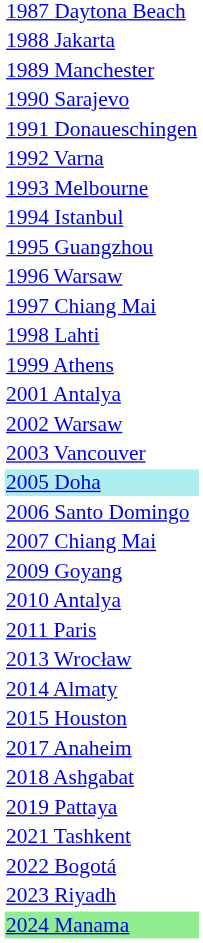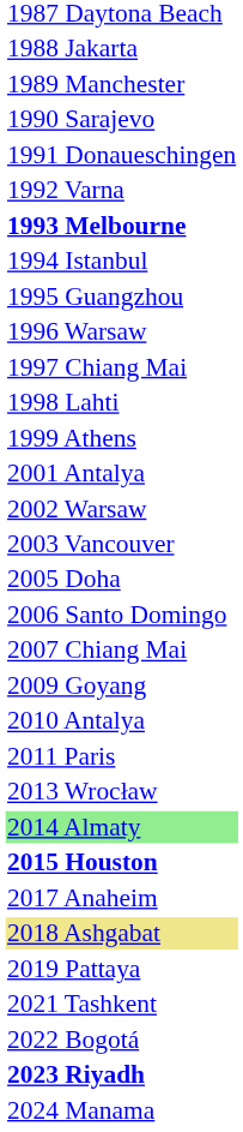 <table>
 <tr>
 <td><a href='#'>1987 Daytona Beach</a></td>
 <td></td>
 <td></td>
 <td></td>
 </tr>
 <tr>
 <td><a href='#'>1988 Jakarta</a></td>
 <td></td>
 <td></td>
 <td></td>
 </tr>
 <tr>
 <td><a href='#'>1989 Manchester</a></td>
 <td></td>
 <td></td>
 <td></td>
 </tr>
 <tr>
 <td><a href='#'>1990 Sarajevo</a></td>
 <td></td>
 <td></td>
 <td></td>
 </tr>
 <tr>
 <td><a href='#'>1991 Donaueschingen</a></td>
 <td></td>
 <td></td>
 <td></td>
 </tr>
 <tr>
 <td><a href='#'>1992 Varna</a></td>
 <td></td>
 <td></td>
 <td></td>
 </tr>
 <tr>
-<td><a href='#'>1993 Melbourne</a></td>
+<td><strong><a href='#'>1993 Melbourne</a></strong></td>
 <td></td>
 <td></td>
 <td></td>
 </tr>
 <tr>
 <td><a href='#'>1994 Istanbul</a></td>
 <td></td>
 <td></td>
 <td></td>
 </tr>
 <tr>
 <td><a href='#'>1995 Guangzhou</a></td>
 <td></td>
 <td></td>
 <td></td>
 </tr>
 <tr>
 <td><a href='#'>1996 Warsaw</a></td>
 <td></td>
 <td></td>
 <td></td>
 </tr>
 <tr>
 <td><a href='#'>1997 Chiang Mai</a></td>
 <td></td>
 <td></td>
 <td></td>
 </tr>
 <tr>
 <td><a href='#'>1998 Lahti</a></td>
 <td></td>
 <td></td>
 <td></td>
 </tr>
 <tr>
 <td><a href='#'>1999 Athens</a></td>
 <td></td>
 <td></td>
 <td></td>
 </tr>
 <tr>
 <td><a href='#'>2001 Antalya</a></td>
 <td></td>
 <td></td>
 <td></td>
 </tr>
 <tr>
 <td><a href='#'>2002 Warsaw</a></td>
 <td></td>
 <td></td>
 <td></td>
 </tr>
 <tr>
 <td><a href='#'>2003 Vancouver</a></td>
 <td></td>
 <td></td>
 <td></td>
 </tr>
 <tr>
-<td style="background: paleturquoise;"><a href='#'>2005 Doha</a></td>
+<td><a href='#'>2005 Doha</a></td>
 <td></td>
 <td></td>
 <td></td>
 </tr>
 <tr>
 <td><a href='#'>2006 Santo Domingo</a></td>
 <td></td>
 <td></td>
 <td></td>
 </tr>
 <tr>
 <td><a href='#'>2007 Chiang Mai</a></td>
 <td></td>
 <td></td>
 <td></td>
 </tr>
 <tr>
 <td><a href='#'>2009 Goyang</a></td>
 <td></td>
 <td></td>
 <td></td>
 </tr>
 <tr>
 <td><a href='#'>2010 Antalya</a></td>
 <td></td>
 <td></td>
 <td></td>
 </tr>
 <tr>
 <td><a href='#'>2011 Paris</a></td>
 <td></td>
 <td></td>
 <td></td>
 </tr>
 <tr>
 <td><a href='#'>2013 Wrocław</a></td>
 <td></td>
 <td></td>
 <td></td>
 </tr>
 <tr>
-<td><a href='#'>2014 Almaty</a></td>
+<td style="background: lightgreen;"><a href='#'>2014 Almaty</a></td>
 <td></td>
 <td></td>
 <td></td>
 </tr>
 <tr>
-<td><a href='#'>2015 Houston</a></td>
+<td><strong><a href='#'>2015 Houston</a></strong></td>
 <td></td>
 <td></td>
 <td></td>
 </tr>
 <tr>
 <td><a href='#'>2017 Anaheim</a></td>
 <td></td>
 <td></td>
 <td></td>
 </tr>
 <tr>
-<td><a href='#'>2018 Ashgabat</a></td>
+<td style="background: khaki;"><a href='#'>2018 Ashgabat</a></td>
 <td></td>
 <td></td>
 <td></td>
 </tr>
 <tr>
 <td><a href='#'>2019 Pattaya</a></td>
 <td></td>
 <td></td>
 <td></td>
 </tr>
 <tr>
 <td><a href='#'>2021 Tashkent</a></td>
 <td></td>
 <td></td>
 <td></td>
 </tr>
 <tr>
 <td><a href='#'>2022 Bogotá</a></td>
 <td></td>
 <td></td>
 <td></td>
 </tr>
 <tr>
-<td><a href='#'>2023 Riyadh</a></td>
+<td><strong><a href='#'>2023 Riyadh</a></strong></td>
 <td></td>
 <td></td>
 <td></td>
 </tr>
 <tr>
-<td style="background: lightgreen;"><a href='#'>2024 Manama</a></td>
+<td><a href='#'>2024 Manama</a></td>
 <td></td>
 <td></td>
 <td></td>
 </tr>
 </table>
